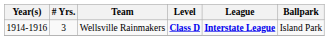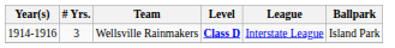 <table class="wikitable" style="text-align:center; font-size: 95%;">
 <tr>
 <th>Year(s)</th>
 <th># Yrs.</th>
 <th>Team</th>
 <th>Level</th>
 <th>League</th>
 <th>Ballpark</th>
 </tr>
 <tr>
 <td>1914-1916</td>
 <td>3</td>
 <td>Wellsville Rainmakers</td>
 <td><strong><a href='#'>Class D</a></strong></td>
-<td><strong><a href='#'>Interstate League</a></strong></td>
+<td><a href='#'>Interstate League</a></td>
 <td>Island Park</td>
 </tr>
 <tr>
 </tr>
 </table>
